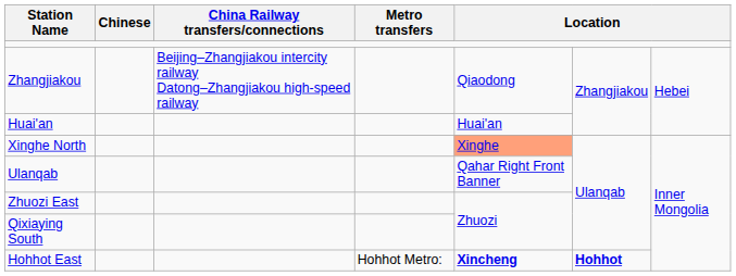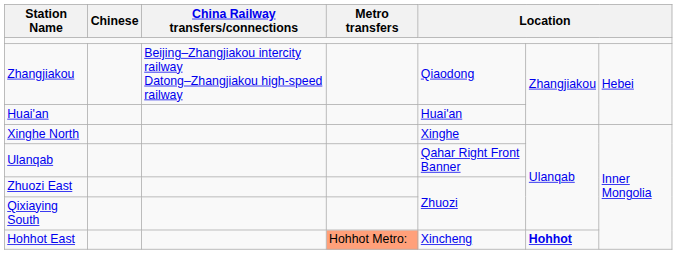 <table class="wikitable">
 <tr>
 <th>Station Name</th>
 <th>Chinese<br></th>
 <th><a href='#'>China Railway</a><br>transfers/connections</th>
 <th>Metro transfers</th>
 <th colspan="3">Location</th>
 </tr>
 <tr style="background:#">
 <td colspan = "11"></td>
 </tr>
 <tr>
 <td><a href='#'>Zhangjiakou</a></td>
 <td></td>
 <td><a href='#'>Beijing–Zhangjiakou intercity railway</a><br><a href='#'>Datong–Zhangjiakou high-speed railway</a></td>
 <td></td>
 <td><a href='#'>Qiaodong</a></td>
 <td rowspan="2"><a href='#'>Zhangjiakou</a></td>
 <td rowspan="2"><a href='#'>Hebei</a></td>
 </tr>
 <tr>
 <td><a href='#'>Huai'an</a></td>
 <td></td>
 <td></td>
 <td></td>
 <td><a href='#'>Huai'an</a></td>
 </tr>
 <tr>
 <td><a href='#'>Xinghe North</a></td>
 <td></td>
 <td></td>
 <td></td>
-<td style="background: lightsalmon;"><a href='#'>Xinghe</a></td>
+<td><a href='#'>Xinghe</a></td>
 <td rowspan="4"><a href='#'>Ulanqab</a></td>
 <td rowspan="5"><a href='#'>Inner Mongolia</a></td>
 </tr>
 <tr>
 <td><a href='#'>Ulanqab</a></td>
 <td></td>
 <td></td>
 <td></td>
 <td><a href='#'>Qahar Right Front Banner</a></td>
 </tr>
 <tr>
 <td><a href='#'>Zhuozi East</a></td>
 <td></td>
 <td></td>
 <td></td>
 <td rowspan="2"><a href='#'>Zhuozi</a></td>
 </tr>
 <tr>
 <td><a href='#'>Qixiaying South</a></td>
 <td></td>
 <td></td>
 <td></td>
 </tr>
 <tr>
 <td><a href='#'>Hohhot East</a></td>
 <td></td>
 <td></td>
-<td>Hohhot Metro: </td>
-<td><strong><a href='#'>Xincheng</a></strong></td>
+<td style="background: lightsalmon;">Hohhot Metro: </td>
+<td><a href='#'>Xincheng</a></td>
 <td><strong><a href='#'>Hohhot</a></strong></td>
 </tr>
 </table>
